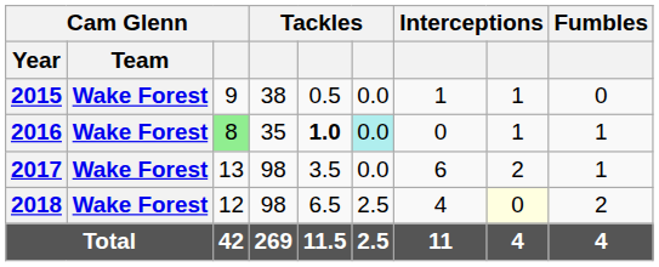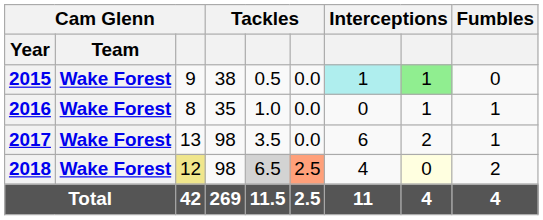 <table class="wikitable" style="text-align:center;">
 <tr>
 <th colspan="3">Cam Glenn</th>
 <th colspan="3">Tackles</th>
 <th colspan="2">Interceptions</th>
 <th>Fumbles</th>
 </tr>
 <tr>
 <th>Year</th>
 <th>Team</th>
 <th></th>
 <th></th>
 <th></th>
 <th></th>
 <th></th>
 <th></th>
 <th></th>
 </tr>
 <tr>
 <th><a href='#'>2015</a></th>
 <th><a href='#'>Wake Forest</a></th>
 <td>9</td>
 <td>38</td>
 <td>0.5</td>
 <td>0.0</td>
-<td>1</td>
-<td>1</td>
+<td style="background: paleturquoise;">1</td>
+<td style="background: lightgreen;">1</td>
 <td>0</td>
 </tr>
 <tr>
 <th><a href='#'>2016</a></th>
 <th><a href='#'>Wake Forest</a></th>
-<td style="background: lightgreen;">8</td>
+<td>8</td>
 <td>35</td>
-<td><strong>1.0</strong></td>
-<td style="background: paleturquoise;">0.0</td>
+<td>1.0</td>
+<td>0.0</td>
 <td>0</td>
 <td>1</td>
 <td>1</td>
 </tr>
 <tr>
 <th><a href='#'>2017</a></th>
 <th><a href='#'>Wake Forest</a></th>
 <td>13</td>
 <td>98</td>
 <td>3.5</td>
 <td>0.0</td>
 <td>6</td>
 <td>2</td>
 <td>1</td>
 </tr>
 <tr>
 <th><a href='#'>2018</a></th>
 <th><a href='#'>Wake Forest</a></th>
-<td>12</td>
+<td style="background: khaki;">12</td>
 <td>98</td>
-<td>6.5</td>
-<td>2.5</td>
+<td style="background: lightgrey;">6.5</td>
+<td style="background: lightsalmon;">2.5</td>
 <td>4</td>
 <td style="background: lightyellow;">0</td>
 <td>2</td>
 </tr>
 <tr style="background:#555; font-weight:bold; color:white;">
 <td colspan=2>Total</td>
 <td>42</td>
 <td>269</td>
 <td>11.5</td>
 <td>2.5</td>
 <td>11</td>
 <td>4</td>
 <td>4</td>
 </tr>
 </table>
